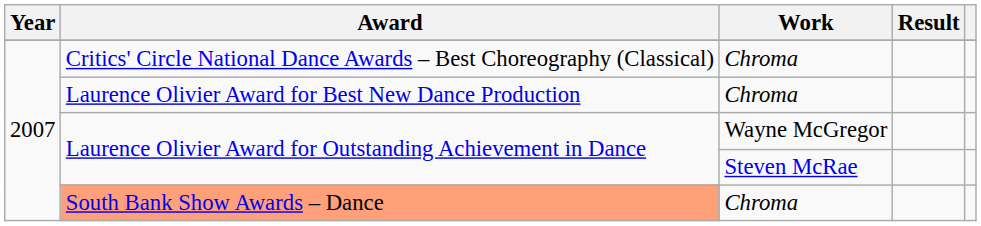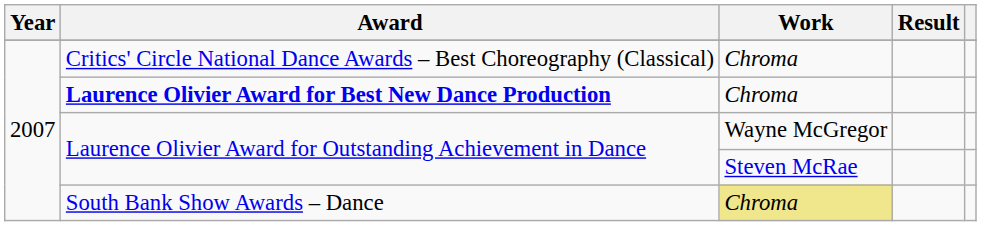 <table class="wikitable">
 <tr>
 <th>Year</th>
 <th>Award</th>
 <th>Work</th>
 <th>Result</th>
 <th></th>
 </tr>
 <tr>
 </tr>
 <tr>
 <td rowspan="5">2007</td>
 <td><a href='#'>Critics' Circle National Dance Awards</a> – Best Choreography (Classical)</td>
 <td><em>Chroma</em></td>
 <td></td>
 <td></td>
 </tr>
 <tr>
-<td><a href='#'>Laurence Olivier Award for Best New Dance Production</a></td>
+<td><strong><a href='#'>Laurence Olivier Award for Best New Dance Production</a></strong></td>
 <td><em>Chroma</em></td>
 <td></td>
 <td></td>
 </tr>
 <tr>
 <td rowspan="2"><a href='#'>Laurence Olivier Award for Outstanding Achievement in Dance</a></td>
 <td>Wayne McGregor</td>
 <td></td>
 <td></td>
 </tr>
 <tr>
 <td><a href='#'>Steven McRae</a></td>
 <td></td>
 <td></td>
 </tr>
 <tr>
-<td style="background: lightsalmon;"><a href='#'>South Bank Show Awards</a> – Dance</td>
-<td><em>Chroma</em></td>
+<td><a href='#'>South Bank Show Awards</a> – Dance</td>
+<td style="background: khaki;"><em>Chroma</em></td>
 <td></td>
 <td></td>
 </tr>
 </table>
